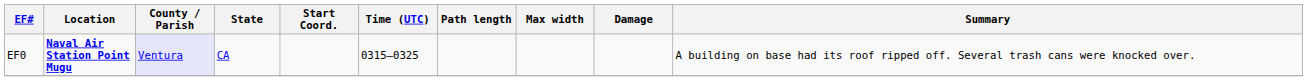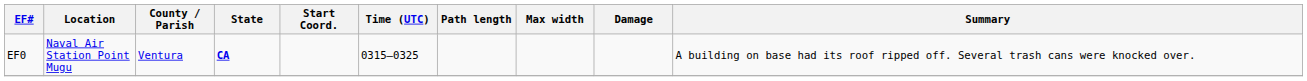 <table class="wikitable sortable" style="width:100%;">
 <tr>
 <th scope="col" width="3%" align="center"><a href='#'>EF#</a></th>
 <th scope="col" width="7%" align="center" class="unsortable">Location</th>
 <th scope="col" width="6%" align="center" class="unsortable">County / Parish</th>
 <th scope="col" width="5%" align="center">State</th>
 <th scope="col" width="6%" align="center">Start Coord.</th>
 <th scope="col" width="6%" align="center">Time (<a href='#'>UTC</a>)</th>
 <th scope="col" width="6%" align="center">Path length</th>
 <th scope="col" width="6%" align="center">Max width</th>
 <th scope="col" width="6%" align="center">Damage</th>
 <th scope="col" width="48%" class="unsortable" align="center">Summary</th>
 </tr>
 <tr>
 <td>EF0</td>
-<td><strong><a href='#'>Naval Air Station Point Mugu</a></strong></td>
-<td style="background: lavender;"><a href='#'>Ventura</a></td>
-<td><a href='#'>CA</a></td>
+<td><a href='#'>Naval Air Station Point Mugu</a></td>
+<td><a href='#'>Ventura</a></td>
+<td><strong><a href='#'>CA</a></strong></td>
 <td></td>
 <td>0315–0325</td>
 <td></td>
 <td></td>
 <td></td>
 <td>A building on base had its roof ripped off. Several trash cans were knocked over.</td>
 </tr>
 <tr>
 </tr>
 </table>
